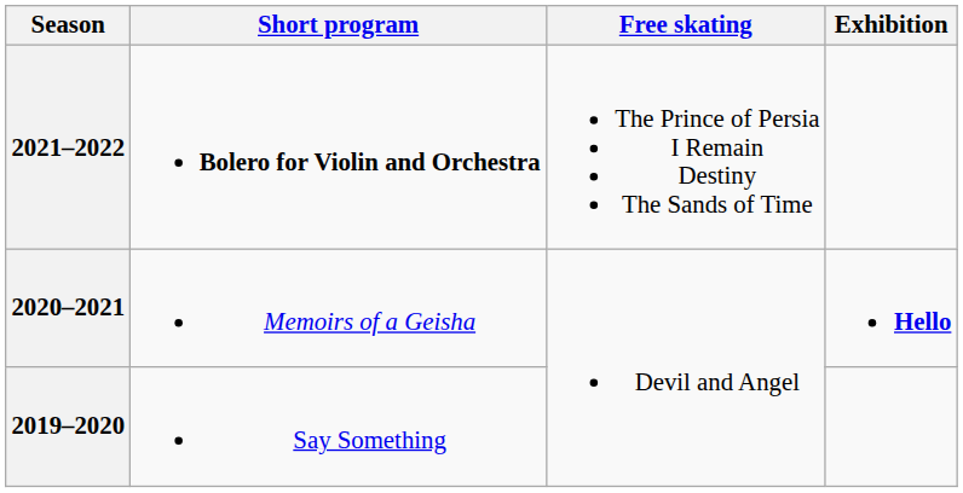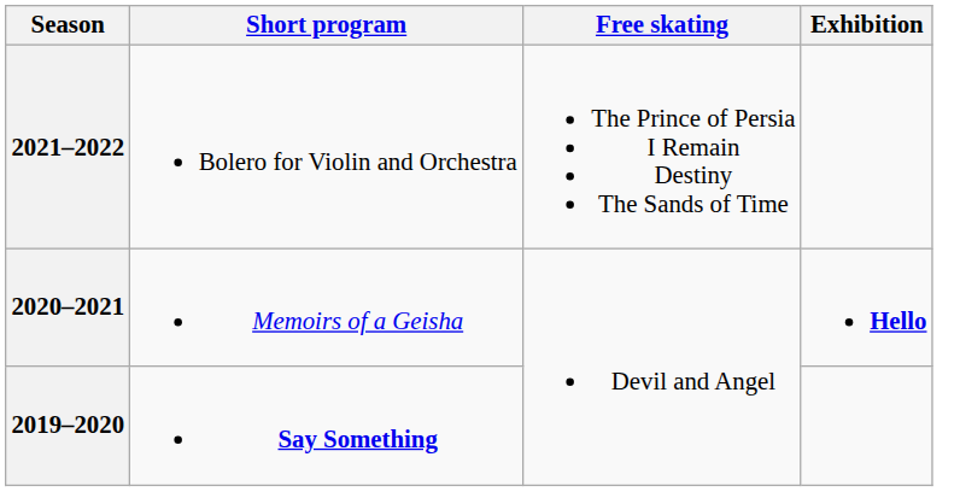 <table class=wikitable style=text-align:center>
 <tr>
 <th>Season</th>
 <th><a href='#'>Short program</a></th>
 <th><a href='#'>Free skating</a></th>
 <th>Exhibition</th>
 </tr>
 <tr>
 <th>2021–2022 <br></th>
-<td><strong><br><ul><li>Bolero for Violin and Orchestra <br> </li></ul></strong></td>
+<td><br><ul><li>Bolero for Violin and Orchestra <br> </li></ul></td>
 <td><br><ul><li>The Prince of Persia</li><li>I Remain <br> </li><li>Destiny</li><li>The Sands of Time <br> </li></ul></td>
 </tr>
 <tr>
 <th>2020–2021 <br></th>
 <td><br><ul><li><em><a href='#'>Memoirs of a Geisha</a></em> <br> </li></ul></td>
 <td rowspan=2><br><ul><li>Devil and Angel <br> </li></ul></td>
 <td><strong><br><ul><li><a href='#'>Hello</a> <br> </li></ul></strong></td>
 </tr>
 <tr>
 <th>2019–2020</th>
-<td><br><ul><li><a href='#'>Say Something</a> <br> </li></ul></td>
+<td><strong><br><ul><li><a href='#'>Say Something</a> <br> </li></ul></strong></td>
 <td></td>
 </tr>
 </table>
